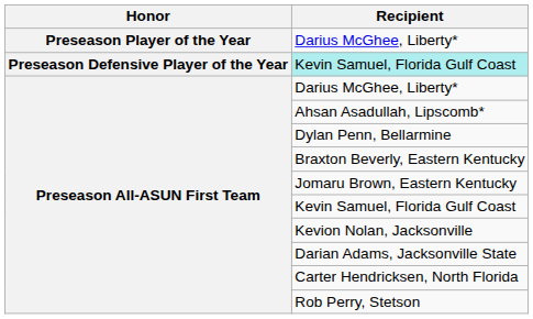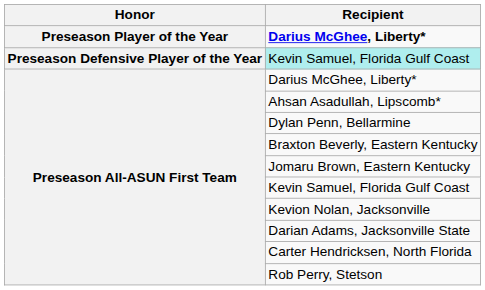 <table class="wikitable">
 <tr>
 <th>Honor</th>
 <th>Recipient</th>
 </tr>
 <tr>
 <th>Preseason Player of the Year</th>
-<td><a href='#'>Darius McGhee</a>, Liberty*</td>
+<td><strong><a href='#'>Darius McGhee</a>, Liberty*</strong></td>
 </tr>
 <tr>
 <th><strong>Preseason Defensive Player of the Year</strong></th>
 <td style="background: paleturquoise;">Kevin Samuel, Florida Gulf Coast</td>
 </tr>
 <tr>
 <th rowspan="10">Preseason All-ASUN First Team</th>
 <td>Darius McGhee, Liberty*</td>
 </tr>
 <tr>
 <td>Ahsan Asadullah, Lipscomb*</td>
 </tr>
 <tr>
 <td>Dylan Penn, Bellarmine</td>
 </tr>
 <tr>
 <td>Braxton Beverly, Eastern Kentucky</td>
 </tr>
 <tr>
 <td>Jomaru Brown, Eastern Kentucky</td>
 </tr>
 <tr>
 <td>Kevin Samuel, Florida Gulf Coast</td>
 </tr>
 <tr>
 <td>Kevion Nolan, Jacksonville</td>
 </tr>
 <tr>
 <td>Darian Adams, Jacksonville State</td>
 </tr>
 <tr>
 <td>Carter Hendricksen, North Florida</td>
 </tr>
 <tr>
 <td>Rob Perry, Stetson</td>
 </tr>
 </table>
